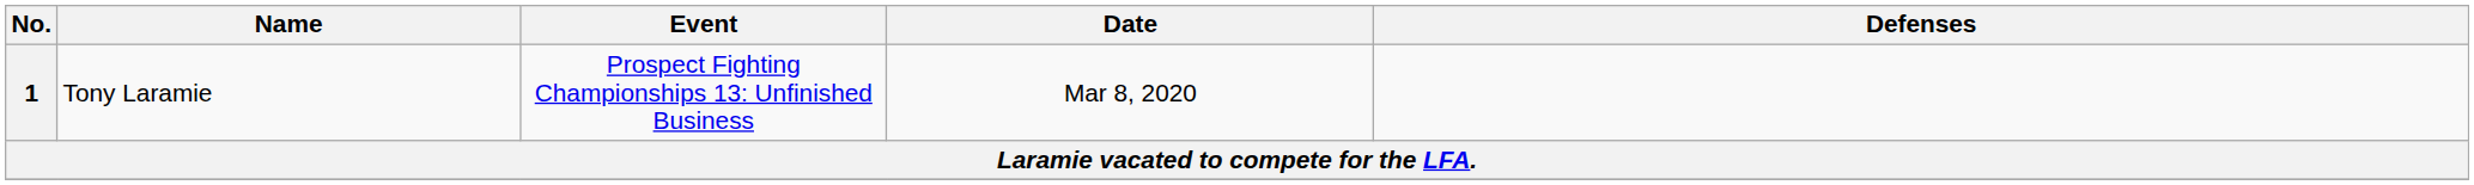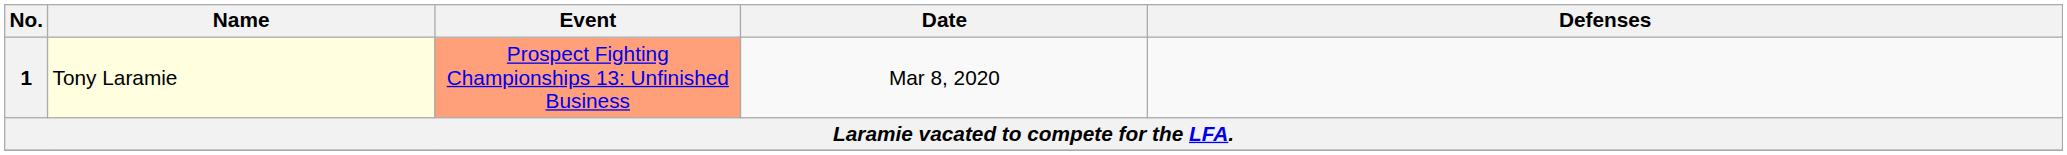 <table class="wikitable" width=100%>
 <tr>
 <th width=1%>No.</th>
 <th width=19%>Name</th>
 <th width=15%>Event</th>
 <th width=20%>Date</th>
 <th width=45%>Defenses</th>
 </tr>
 <tr>
 <th>1</th>
-<td> Tony Laramie <br></td>
-<td align=center><a href='#'>Prospect Fighting Championships 13: Unfinished Business</a> <br></td>
+<td style="background: lightyellow;"> Tony Laramie <br></td>
+<td align=center style="background: lightsalmon;"><a href='#'>Prospect Fighting Championships 13: Unfinished Business</a> <br></td>
 <td align=center>Mar 8, 2020</td>
 <td></td>
 </tr>
 <tr>
 <th colspan=6 align=center><em>Laramie vacated to compete for the <a href='#'>LFA</a>.</em></th>
 </tr>
 <tr>
 </tr>
 </table>
